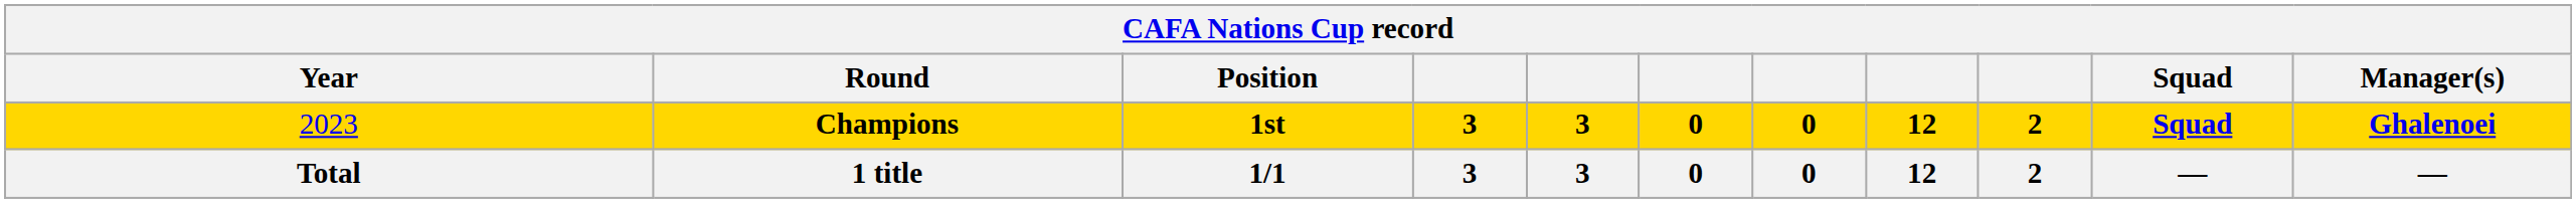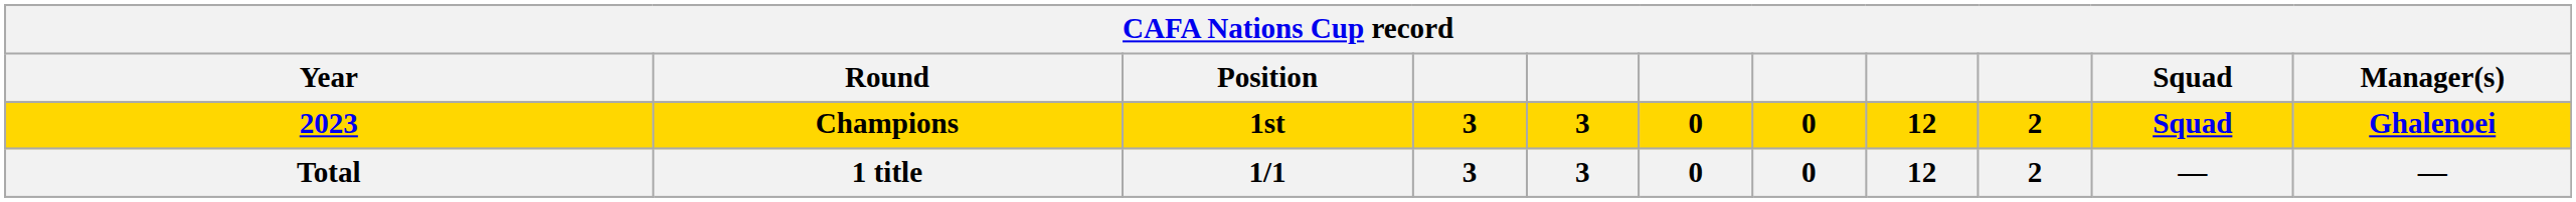 <table class="wikitable" class="wikitable" style="font-size:90%; text-align:center; width:100%">
 <tr>
 <th colspan=11><a href='#'>CAFA Nations Cup</a> record</th>
 </tr>
 <tr>
 <th width="175">Year</th>
 <th width="125">Round</th>
 <th width="75">Position</th>
 <th width="25"></th>
 <th width="25"></th>
 <th width="25"></th>
 <th width="25"></th>
 <th width="25"></th>
 <th width="25"></th>
 <th width="50">Squad</th>
 <th width="50">Manager(s)</th>
 </tr>
 <tr style="background:gold;">
-<td>  <a href='#'>2023</a></td>
+<td><strong>  <a href='#'>2023</a></strong></td>
 <td><strong>Champions </strong></td>
 <td><strong>1st</strong></td>
 <td><strong>3</strong></td>
 <td><strong>3</strong></td>
 <td><strong>0</strong></td>
 <td><strong>0</strong></td>
 <td><strong>12</strong></td>
 <td><strong>2</strong></td>
 <td><strong><a href='#'>Squad</a></strong></td>
 <td><strong><a href='#'>Ghalenoei</a></strong></td>
 </tr>
 <tr>
 <th>Total</th>
 <th>1 title</th>
 <th>1/1</th>
 <th>3</th>
 <th>3</th>
 <th>0</th>
 <th>0</th>
 <th>12</th>
 <th>2</th>
 <th>—</th>
 <th>—</th>
 </tr>
 </table>
